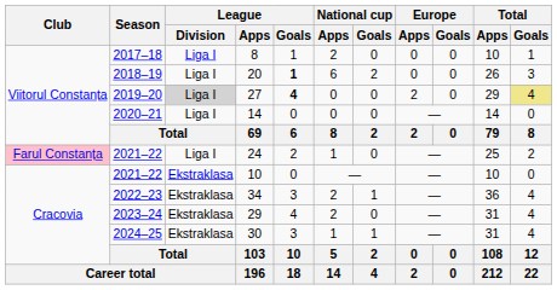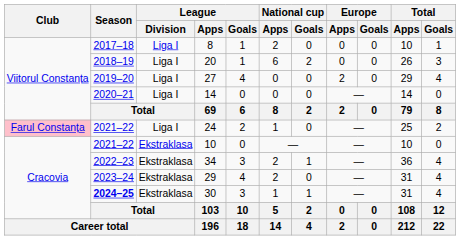 <table class="wikitable" style="text-align: center;">
 <tr>
 <th rowspan="2">Club</th>
 <th rowspan="2">Season</th>
 <th colspan="3">League</th>
 <th colspan="2">National cup</th>
 <th colspan="2">Europe</th>
 <th colspan="2">Total</th>
 </tr>
 <tr>
 <th>Division</th>
 <th>Apps</th>
 <th>Goals</th>
 <th>Apps</th>
 <th>Goals</th>
 <th>Apps</th>
 <th>Goals</th>
 <th>Apps</th>
 <th>Goals</th>
 </tr>
 <tr>
 <td rowspan="5"><a href='#'>Viitorul Constanța</a></td>
 <td><a href='#'>2017–18</a></td>
 <td><a href='#'>Liga I</a></td>
 <td>8</td>
 <td>1</td>
 <td>2</td>
 <td>0</td>
 <td>0</td>
 <td>0</td>
 <td>10</td>
 <td>1</td>
 </tr>
 <tr>
 <td><a href='#'>2018–19</a></td>
 <td>Liga I</td>
 <td>20</td>
-<td><strong>1</strong></td>
+<td>1</td>
 <td>6</td>
 <td>2</td>
 <td>0</td>
 <td>0</td>
 <td>26</td>
 <td>3</td>
 </tr>
 <tr>
 <td><a href='#'>2019–20</a></td>
-<td style="background: lightgrey;">Liga I</td>
+<td>Liga I</td>
 <td>27</td>
-<td><strong>4</strong></td>
+<td>4</td>
 <td>0</td>
 <td>0</td>
 <td>2</td>
 <td>0</td>
 <td>29</td>
-<td style="background: khaki;">4</td>
+<td>4</td>
 </tr>
 <tr>
 <td><a href='#'>2020–21</a></td>
 <td>Liga I</td>
 <td>14</td>
 <td>0</td>
 <td>0</td>
 <td>0</td>
 <td colspan="2">—</td>
 <td>14</td>
 <td>0</td>
 </tr>
 <tr>
 <th colspan="2">Total</th>
 <th>69</th>
 <th>6</th>
 <th>8</th>
 <th>2</th>
 <th>2</th>
 <th>0</th>
 <th>79</th>
 <th>8</th>
 </tr>
 <tr>
 <td style="background: pink;"><a href='#'>Farul Constanța</a></td>
 <td><a href='#'>2021–22</a></td>
 <td>Liga I</td>
 <td>24</td>
 <td>2</td>
 <td>1</td>
 <td>0</td>
 <td colspan="2">—</td>
 <td>25</td>
 <td>2</td>
 </tr>
 <tr>
 <td rowspan="5"><a href='#'>Cracovia</a></td>
 <td><a href='#'>2021–22</a></td>
 <td><a href='#'>Ekstraklasa</a></td>
 <td>10</td>
 <td>0</td>
 <td colspan="2">—</td>
 <td colspan="2">—</td>
 <td>10</td>
 <td>0</td>
 </tr>
 <tr>
 <td><a href='#'>2022–23</a></td>
 <td>Ekstraklasa</td>
 <td>34</td>
 <td>3</td>
 <td>2</td>
 <td>1</td>
 <td colspan="2">—</td>
 <td>36</td>
 <td>4</td>
 </tr>
 <tr>
 <td><a href='#'>2023–24</a></td>
 <td>Ekstraklasa</td>
 <td>29</td>
 <td>4</td>
 <td>2</td>
 <td>0</td>
 <td colspan="2">—</td>
 <td>31</td>
 <td>4</td>
 </tr>
 <tr>
-<td><a href='#'>2024–25</a></td>
+<td><strong><a href='#'>2024–25</a></strong></td>
 <td>Ekstraklasa</td>
 <td>30</td>
 <td>3</td>
 <td>1</td>
 <td>1</td>
 <td colspan="2">—</td>
 <td>31</td>
 <td>4</td>
 </tr>
 <tr>
 <th colspan="2">Total</th>
 <th>103</th>
 <th>10</th>
 <th>5</th>
 <th>2</th>
 <th>0</th>
 <th>0</th>
 <th>108</th>
 <th>12</th>
 </tr>
 <tr>
 <th colspan="3">Career total</th>
 <th>196</th>
 <th>18</th>
 <th>14</th>
 <th>4</th>
 <th>2</th>
 <th>0</th>
 <th>212</th>
 <th>22</th>
 </tr>
 </table>
